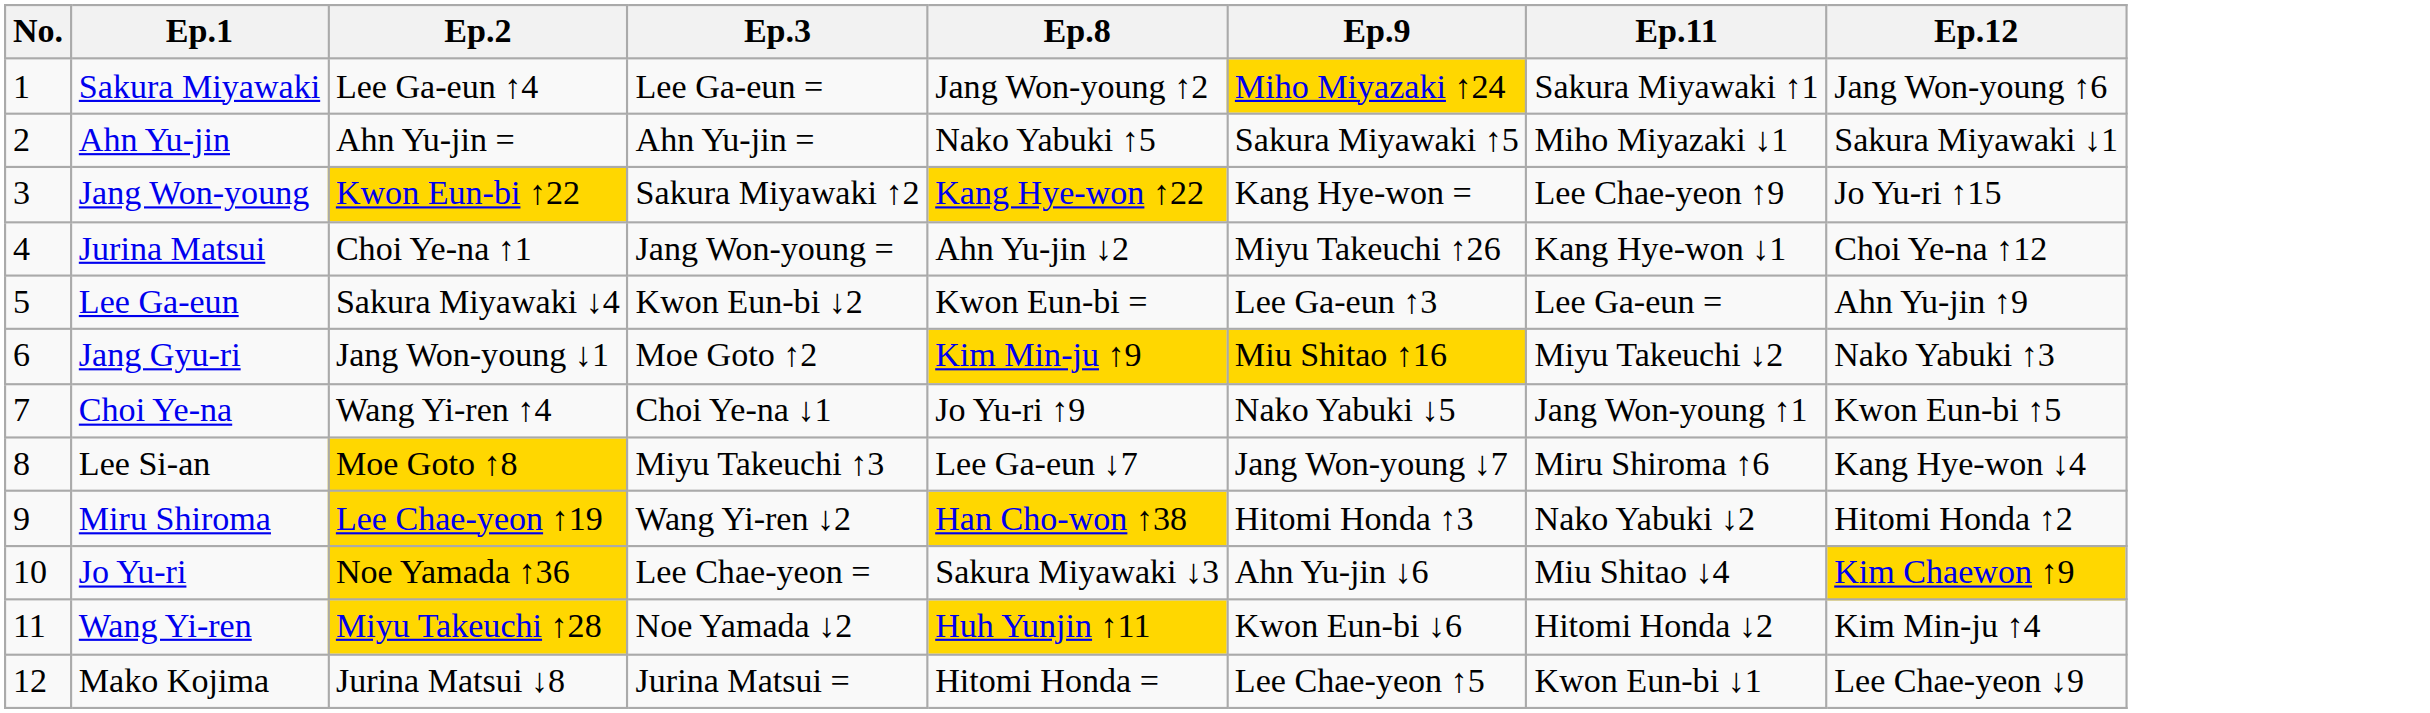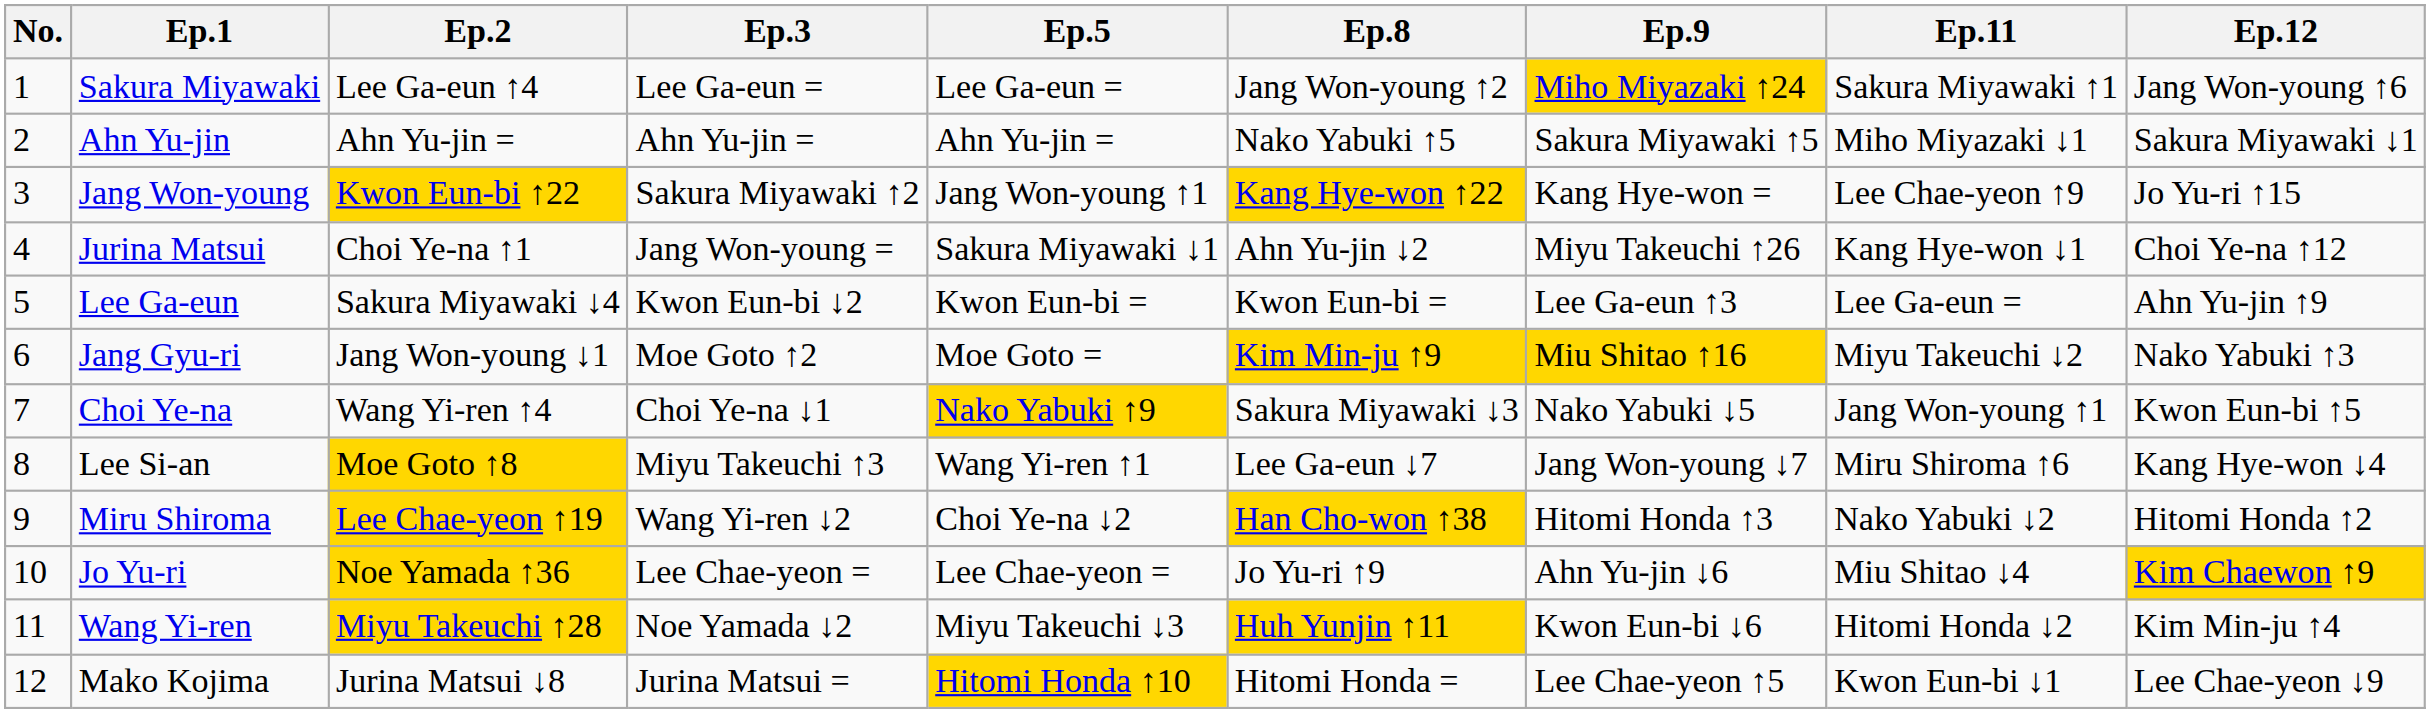 <table class="wikitable sortable mw-collapsible">
 <tr>
 <th>No.</th>
 <th>Ep.1</th>
 <th>Ep.2</th>
 <th>Ep.3</th>
+<th>Ep.5</th>
 <th>Ep.8</th>
 <th>Ep.9</th>
 <th>Ep.11</th>
 <th>Ep.12</th>
 </tr>
 <tr>
 <td>1</td>
 <td><a href='#'>Sakura Miyawaki</a></td>
 <td>Lee Ga-eun ↑4</td>
 <td>Lee Ga-eun =</td>
+<td>Lee Ga-eun =</td>
 <td>Jang Won-young ↑2</td>
 <td style="background:gold"><a href='#'>Miho Miyazaki</a> ↑24</td>
 <td>Sakura Miyawaki ↑1</td>
 <td>Jang Won-young ↑6</td>
 </tr>
 <tr>
 <td>2</td>
 <td><a href='#'>Ahn Yu-jin</a></td>
+<td>Ahn Yu-jin =</td>
 <td>Ahn Yu-jin =</td>
 <td>Ahn Yu-jin =</td>
 <td>Nako Yabuki ↑5</td>
 <td>Sakura Miyawaki ↑5</td>
 <td>Miho Miyazaki ↓1</td>
 <td>Sakura Miyawaki ↓1</td>
 </tr>
 <tr>
 <td>3</td>
 <td><a href='#'>Jang Won-young</a></td>
 <td style="background:gold"><a href='#'>Kwon Eun-bi</a> ↑22</td>
 <td>Sakura Miyawaki ↑2</td>
+<td>Jang Won-young ↑1</td>
 <td style="background:gold"><a href='#'>Kang Hye-won</a> ↑22</td>
 <td>Kang Hye-won =</td>
 <td>Lee Chae-yeon ↑9</td>
 <td>Jo Yu-ri ↑15</td>
 </tr>
 <tr>
 <td>4</td>
 <td><a href='#'>Jurina Matsui</a></td>
 <td>Choi Ye-na ↑1</td>
 <td>Jang Won-young =</td>
+<td>Sakura Miyawaki ↓1</td>
 <td>Ahn Yu-jin ↓2</td>
 <td>Miyu Takeuchi ↑26</td>
 <td>Kang Hye-won ↓1</td>
 <td>Choi Ye-na ↑12</td>
 </tr>
 <tr>
 <td>5</td>
 <td><a href='#'>Lee Ga-eun</a></td>
 <td>Sakura Miyawaki ↓4</td>
 <td>Kwon Eun-bi ↓2</td>
 <td>Kwon Eun-bi =</td>
+<td>Kwon Eun-bi =</td>
 <td>Lee Ga-eun ↑3</td>
 <td>Lee Ga-eun =</td>
 <td>Ahn Yu-jin ↑9</td>
 </tr>
 <tr>
 <td>6</td>
 <td><a href='#'>Jang Gyu-ri</a></td>
 <td>Jang Won-young ↓1</td>
 <td>Moe Goto ↑2</td>
+<td>Moe Goto =</td>
 <td style="background:gold"><a href='#'>Kim Min-ju</a> ↑9</td>
 <td style="background:gold">Miu Shitao ↑16</td>
 <td>Miyu Takeuchi ↓2</td>
 <td>Nako Yabuki ↑3</td>
 </tr>
 <tr>
 <td>7</td>
 <td><a href='#'>Choi Ye-na</a></td>
 <td>Wang Yi-ren ↑4</td>
 <td>Choi Ye-na ↓1</td>
-<td>Jo Yu-ri ↑9</td>
+<td style="background:gold"><a href='#'>Nako Yabuki</a> ↑9</td>
+<td>Sakura Miyawaki ↓3</td>
 <td>Nako Yabuki ↓5</td>
 <td>Jang Won-young ↑1</td>
 <td>Kwon Eun-bi ↑5</td>
 </tr>
 <tr>
 <td>8</td>
 <td>Lee Si-an</td>
 <td style="background:gold">Moe Goto ↑8</td>
 <td>Miyu Takeuchi ↑3</td>
+<td>Wang Yi-ren ↑1</td>
 <td>Lee Ga-eun ↓7</td>
 <td>Jang Won-young ↓7</td>
 <td>Miru Shiroma ↑6</td>
 <td>Kang Hye-won ↓4</td>
 </tr>
 <tr>
 <td>9</td>
 <td><a href='#'>Miru Shiroma</a></td>
 <td style="background:gold"><a href='#'>Lee Chae-yeon</a> ↑19</td>
 <td>Wang Yi-ren ↓2</td>
+<td>Choi Ye-na ↓2</td>
 <td style="background:gold"><a href='#'>Han Cho-won</a> ↑38</td>
 <td>Hitomi Honda ↑3</td>
 <td>Nako Yabuki ↓2</td>
 <td>Hitomi Honda ↑2</td>
 </tr>
 <tr>
 <td>10</td>
 <td><a href='#'>Jo Yu-ri</a></td>
 <td style="background:gold">Noe Yamada ↑36</td>
 <td>Lee Chae-yeon =</td>
-<td>Sakura Miyawaki ↓3</td>
+<td>Lee Chae-yeon =</td>
+<td>Jo Yu-ri ↑9</td>
 <td>Ahn Yu-jin ↓6</td>
 <td>Miu Shitao ↓4</td>
 <td style="background:gold"><a href='#'>Kim Chaewon</a> ↑9</td>
 </tr>
 <tr>
 <td>11</td>
 <td><a href='#'>Wang Yi-ren</a></td>
 <td style="background:gold"><a href='#'>Miyu Takeuchi</a> ↑28</td>
 <td>Noe Yamada ↓2</td>
+<td>Miyu Takeuchi ↓3</td>
 <td style="background:gold"><a href='#'>Huh Yunjin</a> ↑11</td>
 <td>Kwon Eun-bi ↓6</td>
 <td>Hitomi Honda ↓2</td>
 <td>Kim Min-ju ↑4</td>
 </tr>
 <tr>
 <td>12</td>
 <td>Mako Kojima</td>
 <td>Jurina Matsui ↓8</td>
 <td>Jurina Matsui =</td>
+<td style="background:gold"><a href='#'>Hitomi Honda</a> ↑10</td>
 <td>Hitomi Honda =</td>
 <td>Lee Chae-yeon ↑5</td>
 <td>Kwon Eun-bi ↓1</td>
 <td>Lee Chae-yeon ↓9</td>
 </tr>
 </table>
